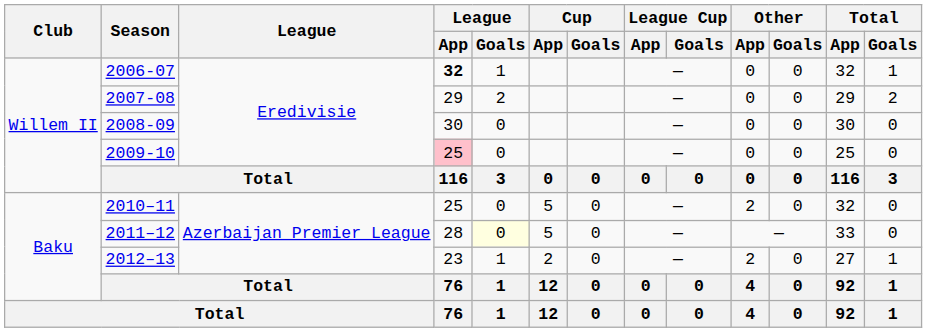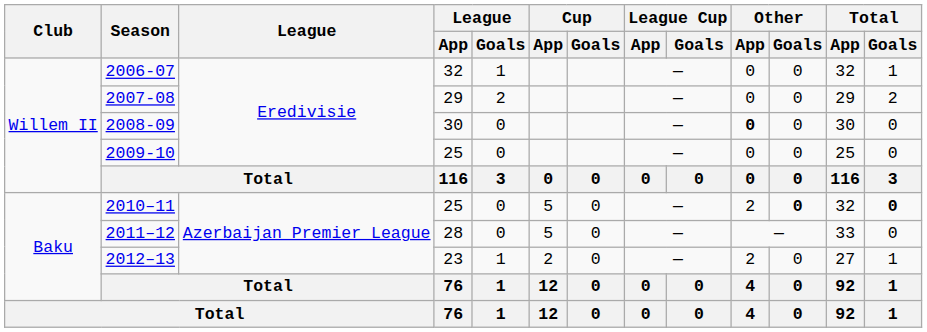 <table class="wikitable" style="text-align: center">
 <tr>
 <th rowspan=2>Club</th>
 <th rowspan=2>Season</th>
 <th rowspan=2>League</th>
 <th colspan=2>League</th>
 <th colspan=2>Cup</th>
 <th colspan=2>League Cup</th>
 <th colspan=2>Other</th>
 <th colspan=3>Total</th>
 </tr>
 <tr>
 <th>App</th>
 <th>Goals</th>
 <th>App</th>
 <th>Goals</th>
 <th>App</th>
 <th>Goals</th>
 <th>App</th>
 <th>Goals</th>
 <th>App</th>
 <th>Goals</th>
 </tr>
 <tr>
 <td rowspan=5><a href='#'>Willem II</a></td>
 <td><a href='#'>2006-07</a></td>
 <td rowspan=4><a href='#'>Eredivisie</a></td>
-<td><strong>32</strong></td>
+<td>32</td>
 <td>1</td>
 <td></td>
 <td></td>
 <td colspan=2>—</td>
 <td>0</td>
 <td>0</td>
 <td>32</td>
 <td>1</td>
 </tr>
 <tr>
 <td><a href='#'>2007-08</a></td>
 <td>29</td>
 <td>2</td>
 <td></td>
 <td></td>
 <td colspan=2>—</td>
 <td>0</td>
 <td>0</td>
 <td>29</td>
 <td>2</td>
 </tr>
 <tr>
 <td><a href='#'>2008-09</a></td>
 <td>30</td>
 <td>0</td>
 <td></td>
 <td></td>
 <td colspan=2>—</td>
-<td>0</td>
+<td><strong>0</strong></td>
 <td>0</td>
 <td>30</td>
 <td>0</td>
 </tr>
 <tr>
 <td><a href='#'>2009-10</a></td>
-<td style="background: pink;">25</td>
+<td>25</td>
 <td>0</td>
 <td></td>
 <td></td>
 <td colspan=2>—</td>
 <td>0</td>
 <td>0</td>
 <td>25</td>
 <td>0</td>
 </tr>
 <tr>
 <th colspan=2>Total</th>
 <th>116</th>
 <th>3</th>
 <th>0</th>
 <th>0</th>
 <th>0</th>
 <th>0</th>
 <th>0</th>
 <th>0</th>
 <th>116</th>
 <th>3</th>
 </tr>
 <tr>
 <td rowspan=4><a href='#'>Baku</a></td>
 <td><a href='#'>2010–11</a></td>
 <td rowspan=3><a href='#'>Azerbaijan Premier League</a></td>
 <td>25</td>
 <td>0</td>
 <td>5</td>
 <td>0</td>
 <td colspan=2>—</td>
 <td>2</td>
-<td>0</td>
+<td><strong>0</strong></td>
 <td>32</td>
-<td>0</td>
+<td><strong>0</strong></td>
 </tr>
 <tr>
 <td><a href='#'>2011–12</a></td>
 <td>28</td>
-<td style="background: lightyellow;">0</td>
+<td>0</td>
 <td>5</td>
 <td>0</td>
 <td colspan=2>—</td>
 <td colspan=2>—</td>
 <td>33</td>
 <td>0</td>
 </tr>
 <tr>
 <td><a href='#'>2012–13</a></td>
 <td>23</td>
 <td>1</td>
 <td>2</td>
 <td>0</td>
 <td colspan=2>—</td>
 <td>2</td>
 <td>0</td>
 <td>27</td>
 <td>1</td>
 </tr>
 <tr>
 <th colspan=2>Total</th>
 <th>76</th>
 <th>1</th>
 <th>12</th>
 <th>0</th>
 <th>0</th>
 <th>0</th>
 <th>4</th>
 <th>0</th>
 <th>92</th>
 <th>1</th>
 </tr>
 <tr>
 <th colspan=3>Total</th>
 <th>76</th>
 <th>1</th>
 <th>12</th>
 <th>0</th>
 <th>0</th>
 <th>0</th>
 <th>4</th>
 <th>0</th>
 <th>92</th>
 <th>1</th>
 </tr>
 </table>
